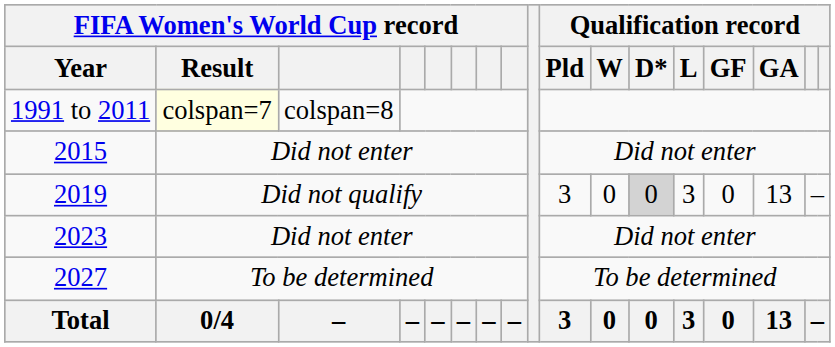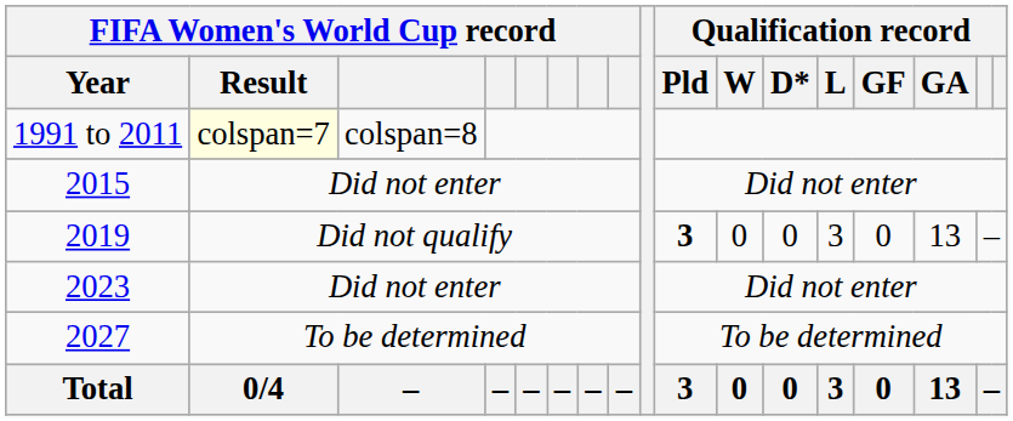 <table class="wikitable" style="text-align: center;">
 <tr>
 <th colspan=8><a href='#'>FIFA Women's World Cup</a> record</th>
 <th rowspan=100></th>
 <th colspan=8>Qualification record</th>
 </tr>
 <tr>
 <th>Year</th>
 <th>Result</th>
 <th></th>
 <th></th>
 <th></th>
 <th></th>
 <th></th>
 <th><br></th>
 <th>Pld</th>
 <th>W</th>
 <th>D*</th>
 <th>L</th>
 <th>GF</th>
 <th>GA</th>
 <th></th>
 <th></th>
 </tr>
 <tr>
 <td> <a href='#'>1991</a> to  <a href='#'>2011</a></td>
 <td style="background: lightyellow;">colspan=7 </td>
 <td>colspan=8 </td>
 </tr>
 <tr>
 <td> <a href='#'>2015</a></td>
 <td colspan=7><em>Did not enter</em></td>
 <td colspan=8><em>Did not enter</em></td>
 </tr>
 <tr>
 <td> <a href='#'>2019</a></td>
 <td colspan=7><em>Did not qualify</em></td>
-<td>3</td>
+<td><strong>3</strong></td>
 <td>0</td>
-<td style="background: lightgrey;">0</td>
+<td>0</td>
 <td>3</td>
 <td>0</td>
 <td>13</td>
 <td colspan=2>–</td>
 </tr>
 <tr>
 <td> <a href='#'>2023</a></td>
 <td colspan=7><em>Did not enter</em></td>
 <td colspan=8><em>Did not enter</em></td>
 </tr>
 <tr>
 <td> <a href='#'>2027</a></td>
 <td colspan=7><em>To be determined</em></td>
 <td colspan=8><em>To be determined</em></td>
 </tr>
 <tr>
 <th>Total</th>
 <th>0/4</th>
 <th>–</th>
 <th>–</th>
 <th>–</th>
 <th>–</th>
 <th>–</th>
 <th>–</th>
 <th>3</th>
 <th>0</th>
 <th>0</th>
 <th>3</th>
 <th>0</th>
 <th>13</th>
 <th colspan=2>–</th>
 </tr>
 </table>
